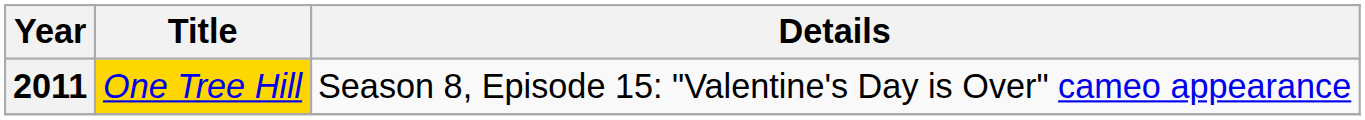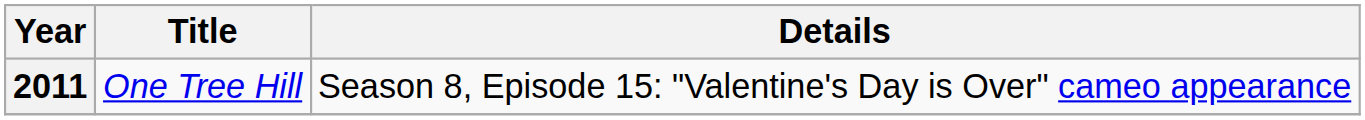 <table class="wikitable sortable plainrowheaders">
 <tr>
 <th scope="col">Year</th>
 <th scope="col">Title</th>
 <th scope="col" class="unsortable">Details</th>
 </tr>
 <tr>
 <th scope="row" style="text-align:center;">2011</th>
-<td style="background: gold;"><em><a href='#'>One Tree Hill</a></em></td>
+<td><em><a href='#'>One Tree Hill</a></em></td>
 <td>Season 8, Episode 15: "Valentine's Day is Over" <a href='#'>cameo appearance</a></td>
 </tr>
 <tr>
 </tr>
 </table>
